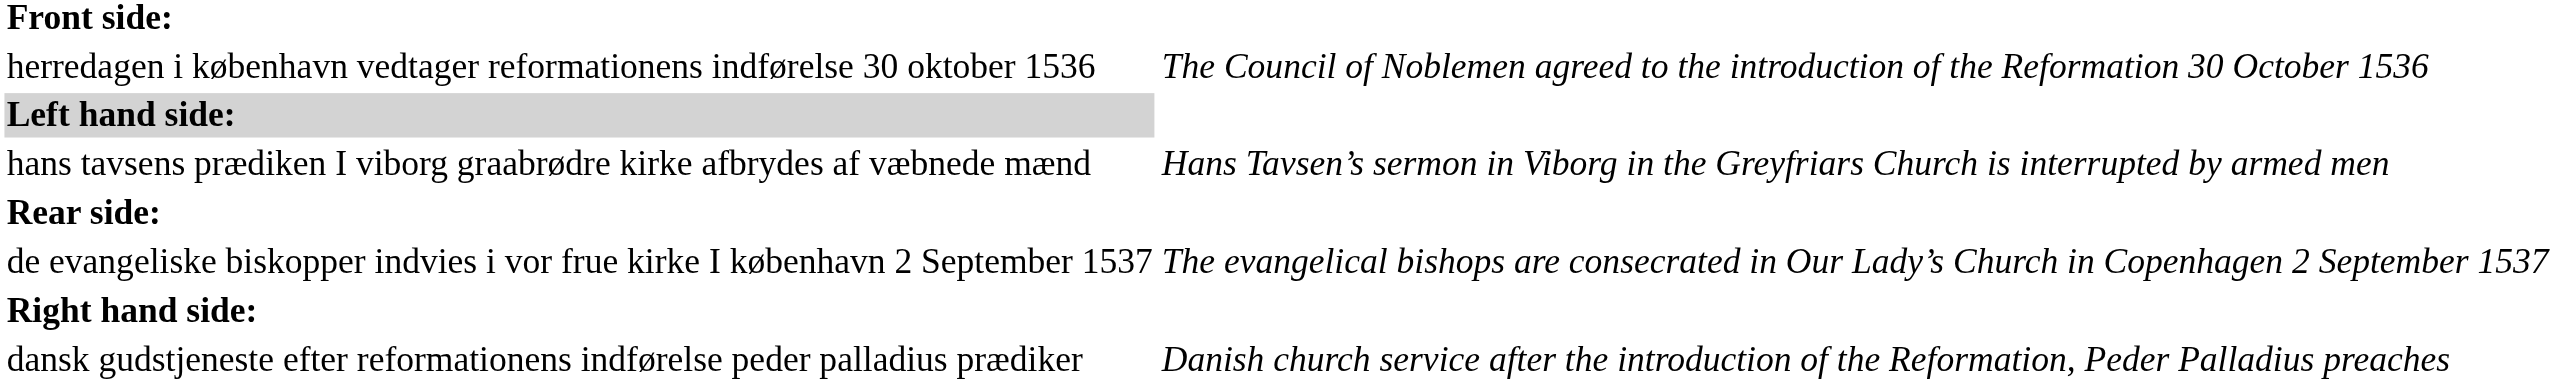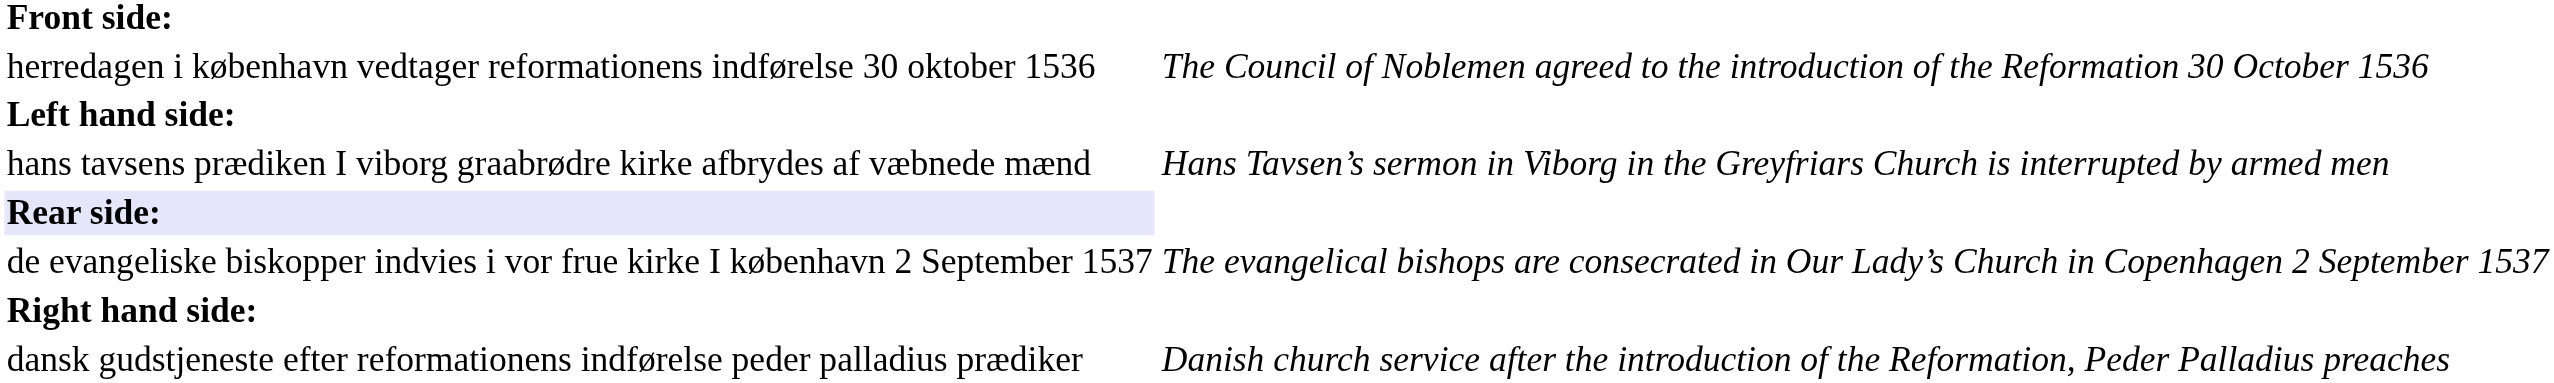 <table>
 <tr>
 <td><strong>Front side:</strong></td>
 </tr>
 <tr>
 <td>herredagen i københavn vedtager reformationens indførelse 30 oktober 1536</td>
 <td><em>The Council of Noblemen agreed to the introduction of the Reformation 30 October 1536</em></td>
 </tr>
 <tr>
-<td style="background: lightgrey;"><strong>Left hand side:</strong></td>
+<td><strong>Left hand side:</strong></td>
 </tr>
 <tr>
 <td>hans tavsens prædiken I viborg graabrødre kirke afbrydes af væbnede mænd</td>
 <td><em>Hans Tavsen’s sermon in Viborg in the Greyfriars Church is interrupted by armed men</em></td>
 </tr>
 <tr>
-<td><strong>Rear side:</strong></td>
+<td style="background: lavender;"><strong>Rear side:</strong></td>
 </tr>
 <tr>
 <td>de evangeliske biskopper indvies i vor frue kirke I københavn 2 September 1537</td>
 <td><em>The evangelical bishops are consecrated in Our Lady’s Church in Copenhagen 2 September 1537</em></td>
 </tr>
 <tr>
 <td><strong>Right hand side:</strong></td>
 </tr>
 <tr>
 <td>dansk gudstjeneste efter reformationens indførelse peder palladius prædiker</td>
 <td><em>Danish church service after the introduction of the Reformation, Peder Palladius preaches</em></td>
 </tr>
 </table>
